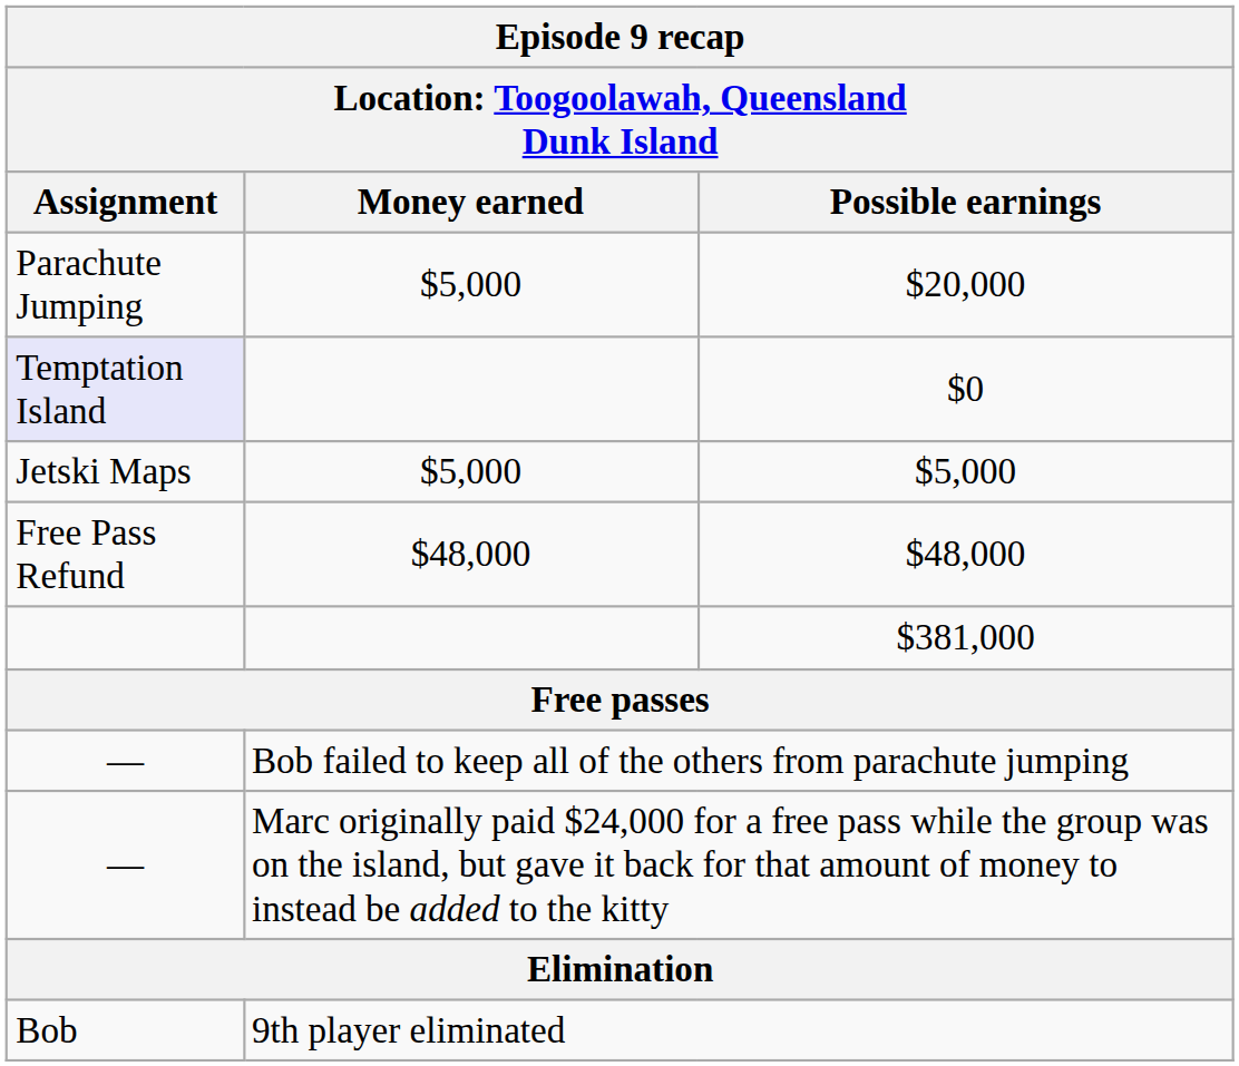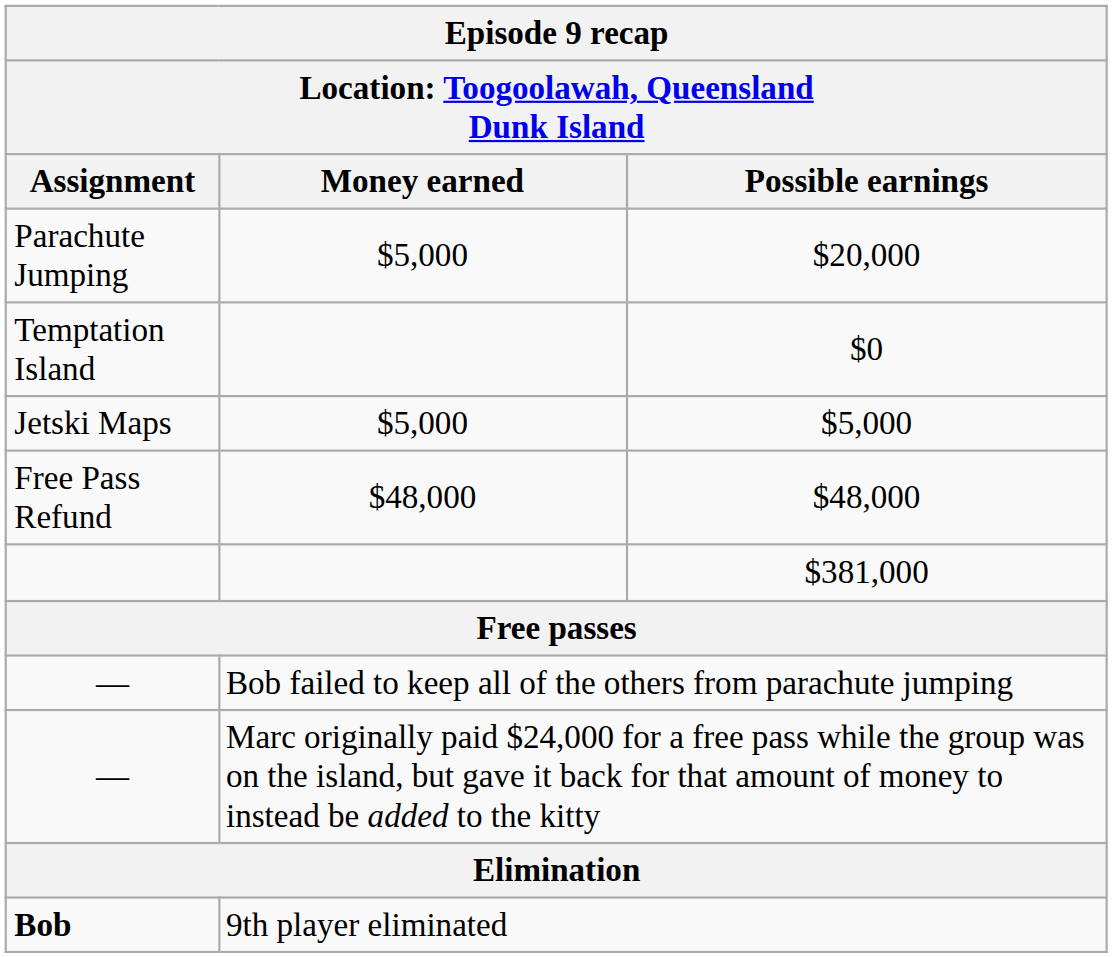 <table class="wikitable" style="font-size: 95%; margin: 10px" align="right" width="40%">
 <tr>
 <th colspan=3>Episode 9 recap</th>
 </tr>
 <tr>
 <th colspan=3>Location: <a href='#'>Toogoolawah, Queensland</a><br><a href='#'>Dunk Island</a></th>
 </tr>
 <tr>
 <th>Assignment</th>
 <th>Money earned</th>
 <th>Possible earnings</th>
 </tr>
 <tr>
 <td>Parachute Jumping</td>
 <td align="center">$5,000</td>
 <td align="center">$20,000</td>
 </tr>
 <tr>
-<td style="background: lavender;">Temptation Island</td>
+<td>Temptation Island</td>
 <td align="center"></td>
 <td align="center">$0</td>
 </tr>
 <tr>
 <td>Jetski Maps</td>
 <td align="center">$5,000</td>
 <td align="center">$5,000</td>
 </tr>
 <tr>
 <td>Free Pass Refund</td>
 <td align="center">$48,000</td>
 <td align="center">$48,000</td>
 </tr>
 <tr>
 <td><strong></strong></td>
 <td align="center"><strong></strong></td>
 <td align="center">$381,000</td>
 </tr>
 <tr>
 <th colspan=3>Free passes</th>
 </tr>
 <tr>
 <td align="center">—</td>
 <td colspan=2>Bob failed to keep all of the others from parachute jumping</td>
 </tr>
 <tr>
 <td align="center">—</td>
 <td colspan=2>Marc originally paid $24,000 for a free pass while the group was on the island, but gave it back for that amount of money to instead be <em>added</em> to the kitty</td>
 </tr>
 <tr>
 <th colspan=3>Elimination</th>
 </tr>
 <tr>
-<td>Bob</td>
+<td><strong>Bob</strong></td>
 <td colspan=2>9th player eliminated</td>
 </tr>
 </table>
